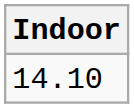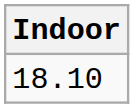 <table class="wikitable" border="1" align="upright">
 <tr>
 <th>Indoor</th>
 </tr>
 <tr>
-<td>14.10</td>
+<td>18.10</td>
 </tr>
 </table>
